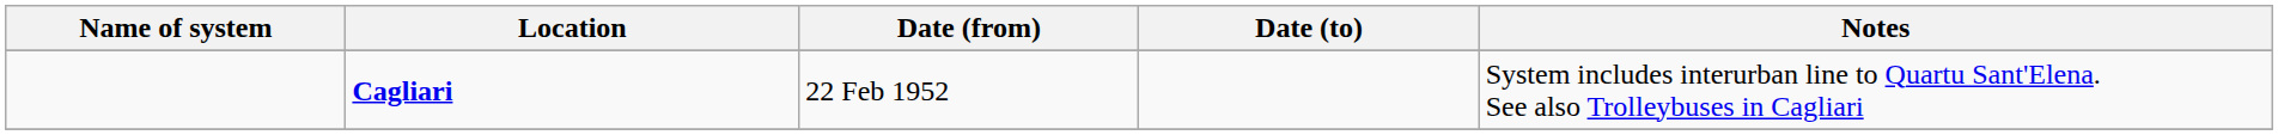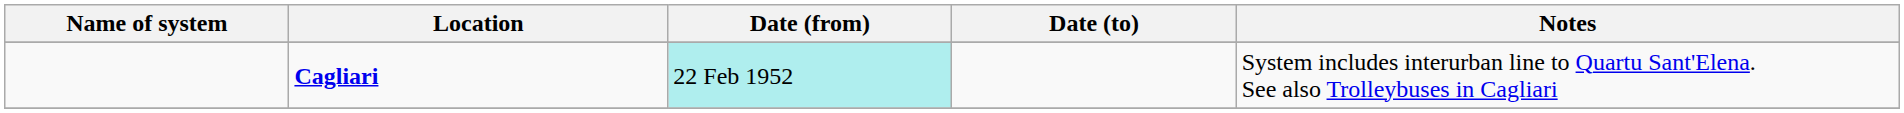 <table class="wikitable" width=100%>
 <tr>
 <th width=15%>Name of system</th>
 <th width=20%>Location</th>
 <th width=15%>Date (from)</th>
 <th width=15%>Date (to)</th>
 <th width=35%>Notes</th>
 </tr>
 <tr>
 </tr>
 <tr>
 <td> </td>
 <td><strong><a href='#'>Cagliari</a></strong></td>
-<td>22 Feb 1952</td>
+<td style="background: paleturquoise;">22 Feb 1952</td>
 <td> </td>
 <td>System includes interurban line to <a href='#'>Quartu Sant'Elena</a>.<br>See also <a href='#'>Trolleybuses in Cagliari</a></td>
 </tr>
 <tr>
 </tr>
 </table>
